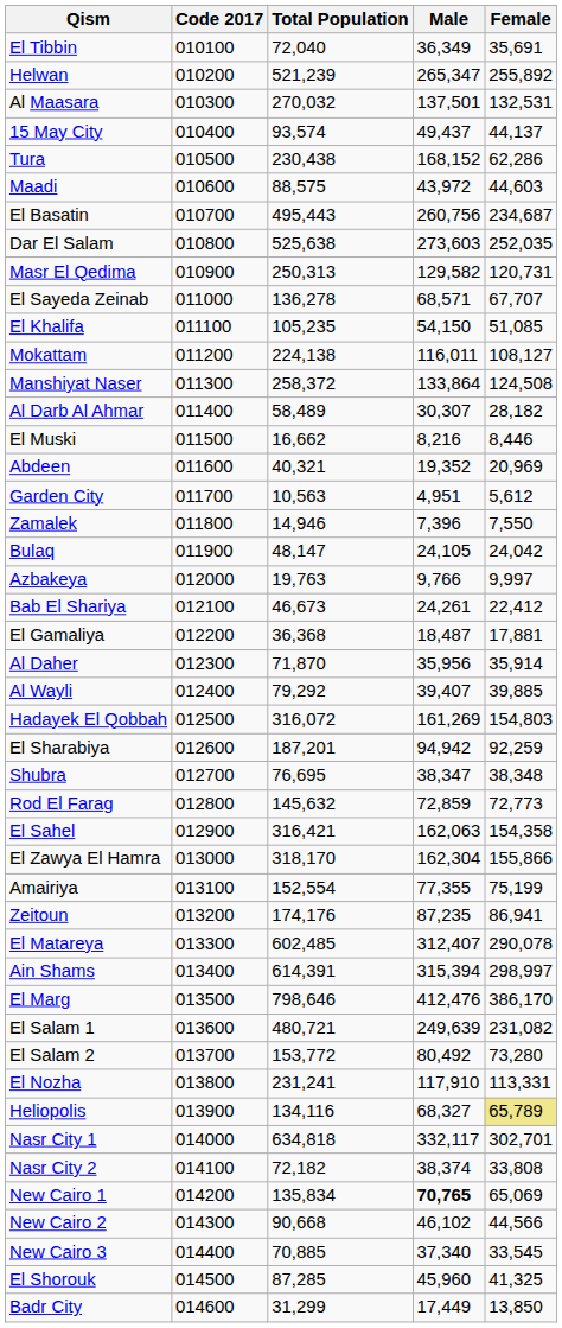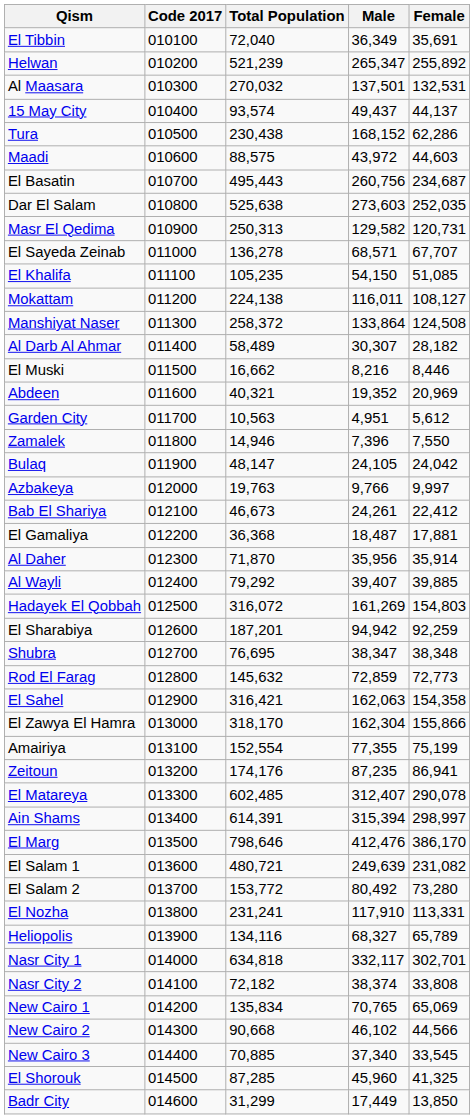 <table class="wikitable sortable">
 <tr>
 <th colspan="1" rowspan="1">Qism</th>
 <th colspan="1" rowspan="1">Code 2017</th>
 <th colspan="1" rowspan="1">Total Population</th>
 <th colspan="1" rowspan="1">Male</th>
 <th colspan="1" rowspan="1">Female</th>
 </tr>
 <tr>
 <td><a href='#'>El Tibbin</a></td>
 <td>010100</td>
 <td>72,040</td>
 <td>36,349</td>
 <td>35,691</td>
 </tr>
 <tr>
 <td><a href='#'>Helwan</a></td>
 <td>010200</td>
 <td>521,239</td>
 <td>265,347</td>
 <td>255,892</td>
 </tr>
 <tr>
 <td>Al <a href='#'>Maasara</a></td>
 <td>010300</td>
 <td>270,032</td>
 <td>137,501</td>
 <td>132,531</td>
 </tr>
 <tr>
 <td><a href='#'>15 May City</a></td>
 <td>010400</td>
 <td>93,574</td>
 <td>49,437</td>
 <td>44,137</td>
 </tr>
 <tr>
 <td><a href='#'>Tura</a></td>
 <td>010500</td>
 <td>230,438</td>
 <td>168,152</td>
 <td>62,286</td>
 </tr>
 <tr>
 <td><a href='#'>Maadi</a></td>
 <td>010600</td>
 <td>88,575</td>
 <td>43,972</td>
 <td>44,603</td>
 </tr>
 <tr>
 <td>El Basatin</td>
 <td>010700</td>
 <td>495,443</td>
 <td>260,756</td>
 <td>234,687</td>
 </tr>
 <tr>
 <td>Dar El Salam</td>
 <td>010800</td>
 <td>525,638</td>
 <td>273,603</td>
 <td>252,035</td>
 </tr>
 <tr>
 <td><a href='#'>Masr El Qedima</a></td>
 <td>010900</td>
 <td>250,313</td>
 <td>129,582</td>
 <td>120,731</td>
 </tr>
 <tr>
 <td>El Sayeda Zeinab</td>
 <td>011000</td>
 <td>136,278</td>
 <td>68,571</td>
 <td>67,707</td>
 </tr>
 <tr>
 <td><a href='#'>El Khalifa</a></td>
 <td>011100</td>
 <td>105,235</td>
 <td>54,150</td>
 <td>51,085</td>
 </tr>
 <tr>
 <td><a href='#'>Mokattam</a></td>
 <td>011200</td>
 <td>224,138</td>
 <td>116,011</td>
 <td>108,127</td>
 </tr>
 <tr>
 <td><a href='#'>Manshiyat Naser</a></td>
 <td>011300</td>
 <td>258,372</td>
 <td>133,864</td>
 <td>124,508</td>
 </tr>
 <tr>
 <td><a href='#'>Al Darb Al Ahmar</a></td>
 <td>011400</td>
 <td>58,489</td>
 <td>30,307</td>
 <td>28,182</td>
 </tr>
 <tr>
 <td>El Muski</td>
 <td>011500</td>
 <td>16,662</td>
 <td>8,216</td>
 <td>8,446</td>
 </tr>
 <tr>
 <td><a href='#'>Abdeen</a></td>
 <td>011600</td>
 <td>40,321</td>
 <td>19,352</td>
 <td>20,969</td>
 </tr>
 <tr>
 <td><a href='#'>Garden City</a></td>
 <td>011700</td>
 <td>10,563</td>
 <td>4,951</td>
 <td>5,612</td>
 </tr>
 <tr>
 <td><a href='#'>Zamalek</a></td>
 <td>011800</td>
 <td>14,946</td>
 <td>7,396</td>
 <td>7,550</td>
 </tr>
 <tr>
 <td><a href='#'>Bulaq</a></td>
 <td>011900</td>
 <td>48,147</td>
 <td>24,105</td>
 <td>24,042</td>
 </tr>
 <tr>
 <td><a href='#'>Azbakeya</a></td>
 <td>012000</td>
 <td>19,763</td>
 <td>9,766</td>
 <td>9,997</td>
 </tr>
 <tr>
 <td><a href='#'>Bab El Shariya</a></td>
 <td>012100</td>
 <td>46,673</td>
 <td>24,261</td>
 <td>22,412</td>
 </tr>
 <tr>
 <td>El Gamaliya</td>
 <td>012200</td>
 <td>36,368</td>
 <td>18,487</td>
 <td>17,881</td>
 </tr>
 <tr>
 <td><a href='#'>Al Daher</a></td>
 <td>012300</td>
 <td>71,870</td>
 <td>35,956</td>
 <td>35,914</td>
 </tr>
 <tr>
 <td><a href='#'>Al Wayli</a></td>
 <td>012400</td>
 <td>79,292</td>
 <td>39,407</td>
 <td>39,885</td>
 </tr>
 <tr>
 <td><a href='#'>Hadayek El Qobbah</a></td>
 <td>012500</td>
 <td>316,072</td>
 <td>161,269</td>
 <td>154,803</td>
 </tr>
 <tr>
 <td>El Sharabiya</td>
 <td>012600</td>
 <td>187,201</td>
 <td>94,942</td>
 <td>92,259</td>
 </tr>
 <tr>
 <td><a href='#'>Shubra</a></td>
 <td>012700</td>
 <td>76,695</td>
 <td>38,347</td>
 <td>38,348</td>
 </tr>
 <tr>
 <td><a href='#'>Rod El Farag</a></td>
 <td>012800</td>
 <td>145,632</td>
 <td>72,859</td>
 <td>72,773</td>
 </tr>
 <tr>
 <td><a href='#'>El Sahel</a></td>
 <td>012900</td>
 <td>316,421</td>
 <td>162,063</td>
 <td>154,358</td>
 </tr>
 <tr>
 <td>El Zawya El Hamra</td>
 <td>013000</td>
 <td>318,170</td>
 <td>162,304</td>
 <td>155,866</td>
 </tr>
 <tr>
 <td>Amairiya</td>
 <td>013100</td>
 <td>152,554</td>
 <td>77,355</td>
 <td>75,199</td>
 </tr>
 <tr>
 <td><a href='#'>Zeitoun</a></td>
 <td>013200</td>
 <td>174,176</td>
 <td>87,235</td>
 <td>86,941</td>
 </tr>
 <tr>
 <td><a href='#'>El Matareya</a></td>
 <td>013300</td>
 <td>602,485</td>
 <td>312,407</td>
 <td>290,078</td>
 </tr>
 <tr>
 <td><a href='#'>Ain Shams</a></td>
 <td>013400</td>
 <td>614,391</td>
 <td>315,394</td>
 <td>298,997</td>
 </tr>
 <tr>
 <td><a href='#'>El Marg</a></td>
 <td>013500</td>
 <td>798,646</td>
 <td>412,476</td>
 <td>386,170</td>
 </tr>
 <tr>
 <td>El Salam 1</td>
 <td>013600</td>
 <td>480,721</td>
 <td>249,639</td>
 <td>231,082</td>
 </tr>
 <tr>
 <td>El Salam 2</td>
 <td>013700</td>
 <td>153,772</td>
 <td>80,492</td>
 <td>73,280</td>
 </tr>
 <tr>
 <td><a href='#'>El Nozha</a></td>
 <td>013800</td>
 <td>231,241</td>
 <td>117,910</td>
 <td>113,331</td>
 </tr>
 <tr>
 <td><a href='#'>Heliopolis</a></td>
 <td>013900</td>
 <td>134,116</td>
 <td>68,327</td>
-<td style="background: khaki;">65,789</td>
+<td>65,789</td>
 </tr>
 <tr>
 <td><a href='#'>Nasr City 1</a></td>
 <td>014000</td>
 <td>634,818</td>
 <td>332,117</td>
 <td>302,701</td>
 </tr>
 <tr>
 <td><a href='#'>Nasr City 2</a></td>
 <td>014100</td>
 <td>72,182</td>
 <td>38,374</td>
 <td>33,808</td>
 </tr>
 <tr>
 <td><a href='#'>New Cairo 1</a></td>
 <td>014200</td>
 <td>135,834</td>
-<td><strong>70,765</strong></td>
+<td>70,765</td>
 <td>65,069</td>
 </tr>
 <tr>
 <td><a href='#'>New Cairo 2</a></td>
 <td>014300</td>
 <td>90,668</td>
 <td>46,102</td>
 <td>44,566</td>
 </tr>
 <tr>
 <td><a href='#'>New Cairo 3</a></td>
 <td>014400</td>
 <td>70,885</td>
 <td>37,340</td>
 <td>33,545</td>
 </tr>
 <tr>
 <td><a href='#'>El Shorouk</a></td>
 <td>014500</td>
 <td>87,285</td>
 <td>45,960</td>
 <td>41,325</td>
 </tr>
 <tr>
 <td><a href='#'>Badr City</a></td>
 <td>014600</td>
 <td>31,299</td>
 <td>17,449</td>
 <td>13,850</td>
 </tr>
 </table>
